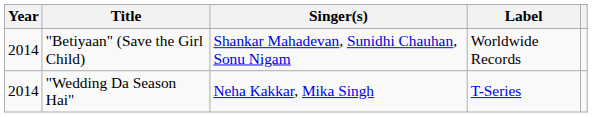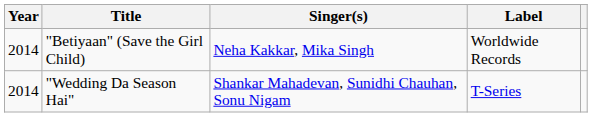 <table class="wikitable plainrowheaders sortable">
 <tr>
 <th scope="col">Year</th>
 <th scope="col">Title</th>
 <th scope="col">Singer(s)</th>
 <th scope="col">Label</th>
 <th scope="col" class="unsortable"></th>
 </tr>
 <tr>
 <td>2014</td>
 <td>"Betiyaan" (Save the Girl Child)</td>
-<td><a href='#'>Shankar Mahadevan</a>, <a href='#'>Sunidhi Chauhan</a>, <a href='#'>Sonu Nigam</a></td>
+<td><a href='#'>Neha Kakkar</a>, <a href='#'>Mika Singh</a></td>
 <td>Worldwide Records</td>
 <td></td>
 </tr>
 <tr>
 <td>2014</td>
 <td>"Wedding Da Season Hai"</td>
-<td><a href='#'>Neha Kakkar</a>, <a href='#'>Mika Singh</a></td>
+<td><a href='#'>Shankar Mahadevan</a>, <a href='#'>Sunidhi Chauhan</a>, <a href='#'>Sonu Nigam</a></td>
 <td><a href='#'>T-Series</a></td>
 <td></td>
 </tr>
 </table>
